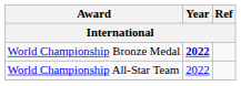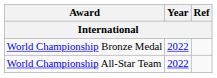 <table class="wikitable">
 <tr>
 <th scope="col">Award</th>
 <th scope="col">Year</th>
 <th scope="col">Ref</th>
 </tr>
 <tr>
 <th colspan="3" style="text-align:center;">International</th>
 </tr>
 <tr>
 <td><a href='#'>World Championship</a> Bronze Medal</td>
-<td><strong><a href='#'>2022</a></strong></td>
+<td><a href='#'>2022</a></td>
 <td></td>
 </tr>
 <tr>
 <td><a href='#'>World Championship</a> All-Star Team</td>
 <td><a href='#'>2022</a></td>
 <td></td>
 </tr>
 </table>
